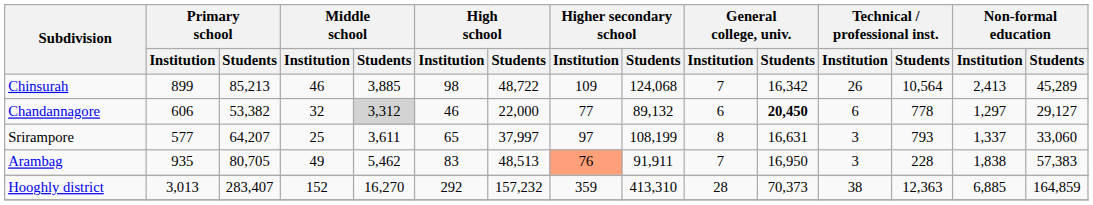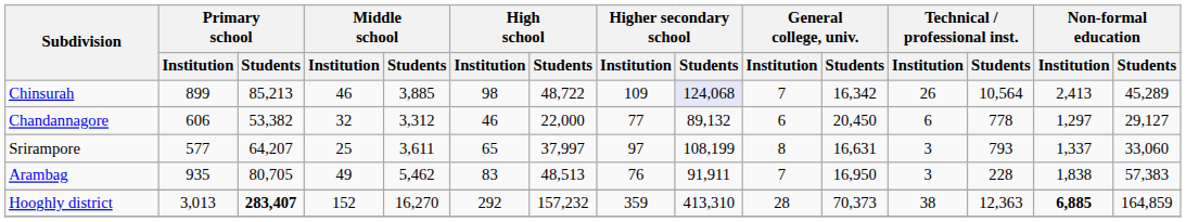 <table class="wikitable" style="text-align:center;font-size: 9pt">
 <tr>
 <th width="110" rowspan="2">Subdivision</th>
 <th colspan="2">Primary<br>school</th>
 <th colspan="2">Middle<br>school</th>
 <th colspan="2">High<br>school</th>
 <th colspan="2">Higher secondary<br>school</th>
 <th colspan="2">General<br>college, univ.</th>
 <th colspan="2">Technical /<br>professional inst.</th>
 <th colspan="2">Non-formal<br>education</th>
 </tr>
 <tr>
 <th width="30">Institution</th>
 <th width="30">Students</th>
 <th width="30">Institution</th>
 <th width="30">Students</th>
 <th width="30">Institution</th>
 <th width="30">Students</th>
 <th width="30">Institution</th>
 <th width="30">Students</th>
 <th width="30">Institution</th>
 <th width="30">Students</th>
 <th width="30">Institution</th>
 <th width="30">Students</th>
 <th width="30">Institution</th>
 <th width="30">Students<br></th>
 </tr>
 <tr>
 <td align=left><a href='#'>Chinsurah</a></td>
 <td align="center">899</td>
 <td align="center">85,213</td>
 <td align="center">46</td>
 <td align="center">3,885</td>
 <td align="center">98</td>
 <td align="center">48,722</td>
 <td align="center">109</td>
-<td align="center">124,068</td>
+<td align="center" style="background: lavender;">124,068</td>
 <td align="center">7</td>
 <td align="center">16,342</td>
 <td align="center">26</td>
 <td align="center">10,564</td>
 <td align="center">2,413</td>
 <td align="center">45,289</td>
 </tr>
 <tr>
 <td align=left><a href='#'>Chandannagore</a></td>
 <td align="center">606</td>
 <td align="center">53,382</td>
 <td align="center">32</td>
-<td align="center" style="background: lightgrey;">3,312</td>
+<td align="center">3,312</td>
 <td align="center">46</td>
 <td align="center">22,000</td>
 <td align="center">77</td>
 <td align="center">89,132</td>
 <td align="center">6</td>
-<td align="center"><strong>20,450</strong></td>
+<td align="center">20,450</td>
 <td align="center">6</td>
 <td align="center">778</td>
 <td align="center">1,297</td>
 <td align="center">29,127</td>
 </tr>
 <tr>
 <td align=left>Srirampore</td>
 <td align="center">577</td>
 <td align="center">64,207</td>
 <td align="center">25</td>
 <td align="center">3,611</td>
 <td align="center">65</td>
 <td align="center">37,997</td>
 <td align="center">97</td>
 <td align="center">108,199</td>
 <td align="center">8</td>
 <td align="center">16,631</td>
 <td align="center">3</td>
 <td align="center">793</td>
 <td align="center">1,337</td>
 <td align="center">33,060</td>
 </tr>
 <tr>
 <td align=left><a href='#'>Arambag</a></td>
 <td align="center">935</td>
 <td align="center">80,705</td>
 <td align="center">49</td>
 <td align="center">5,462</td>
 <td align="center">83</td>
 <td align="center">48,513</td>
-<td align="center" style="background: lightsalmon;">76</td>
+<td align="center">76</td>
 <td align="center">91,911</td>
 <td align="center">7</td>
 <td align="center">16,950</td>
 <td align="center">3</td>
 <td align="center">228</td>
 <td align="center">1,838</td>
 <td align="center">57,383</td>
 </tr>
 <tr>
 </tr>
 <tr>
 <td align=left><a href='#'>Hooghly district</a></td>
 <td align="center">3,013</td>
-<td align="center">283,407</td>
+<td align="center"><strong>283,407</strong></td>
 <td align="center">152</td>
 <td align="center">16,270</td>
 <td align="center">292</td>
 <td align="center">157,232</td>
 <td align="center">359</td>
 <td align="center">413,310</td>
 <td align="center">28</td>
 <td align="center">70,373</td>
 <td align="center">38</td>
 <td align="center">12,363</td>
-<td align="center">6,885</td>
+<td align="center"><strong>6,885</strong></td>
 <td align="center">164,859</td>
 </tr>
 <tr>
 </tr>
 </table>
